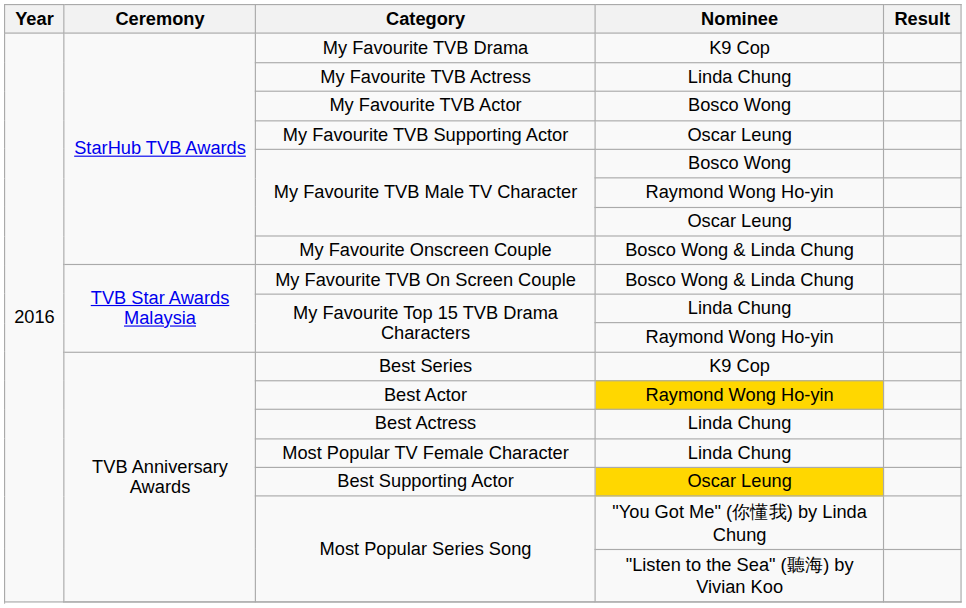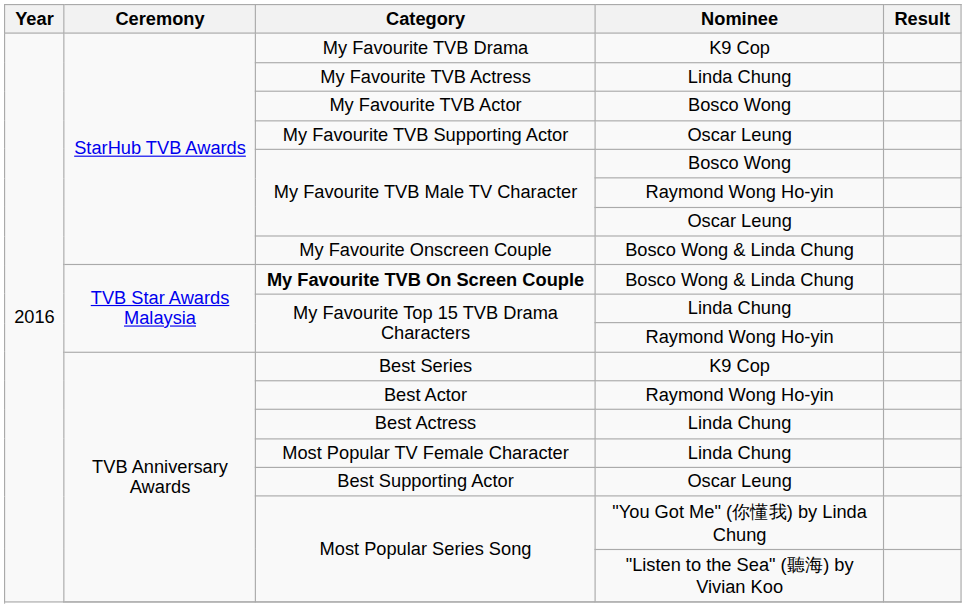 <table class="wikitable" style="width:95%;">
 <tr>
 <th style="width:45px;">Year</th>
 <th style="width:160px;">Ceremony</th>
 <th style="width:290px;">Category</th>
 <th style="width:245px;">Nominee</th>
 <th style="width:60px;">Result</th>
 </tr>
 <tr>
 <td align="center" rowspan=31>2016</td>
 <td align="center" rowspan=8><a href='#'>StarHub TVB Awards</a></td>
 <td align="center">My Favourite TVB Drama</td>
 <td align="center">K9 Cop</td>
 <td></td>
 </tr>
 <tr>
 <td align="center">My Favourite TVB Actress</td>
 <td align="center">Linda Chung</td>
 <td></td>
 </tr>
 <tr>
 <td align="center">My Favourite TVB Actor</td>
 <td align="center">Bosco Wong</td>
 <td></td>
 </tr>
 <tr>
 <td align="center">My Favourite TVB Supporting Actor</td>
 <td align="center">Oscar Leung</td>
 <td></td>
 </tr>
 <tr>
 <td rowspan=3 align="center">My Favourite TVB Male TV Character</td>
 <td align="center">Bosco Wong</td>
 <td></td>
 </tr>
 <tr>
 <td align="center">Raymond Wong Ho-yin</td>
 <td></td>
 </tr>
 <tr>
 <td align="center">Oscar Leung</td>
 <td></td>
 </tr>
 <tr>
 <td align="center">My Favourite Onscreen Couple</td>
 <td align="center">Bosco Wong & Linda Chung</td>
 <td></td>
 </tr>
 <tr>
 <td align="center" rowspan=3><a href='#'>TVB Star Awards Malaysia</a></td>
-<td align="center">My Favourite TVB On Screen Couple</td>
+<td align="center"><strong>My Favourite TVB On Screen Couple</strong></td>
 <td align="center">Bosco Wong & Linda Chung</td>
 <td></td>
 </tr>
 <tr>
 <td rowspan=2 align="center">My Favourite Top 15 TVB Drama Characters</td>
 <td align="center">Linda Chung</td>
 <td></td>
 </tr>
 <tr>
 <td align="center">Raymond Wong Ho-yin</td>
 <td></td>
 </tr>
 <tr>
 <td align="center" rowspan=7>TVB Anniversary Awards</td>
 <td align="center">Best Series</td>
 <td align="center">K9 Cop</td>
 <td></td>
 </tr>
 <tr>
 <td align="center">Best Actor</td>
-<td align="center" style="background: gold;">Raymond Wong Ho-yin</td>
+<td align="center">Raymond Wong Ho-yin</td>
 <td></td>
 </tr>
 <tr>
 <td align="center">Best Actress</td>
 <td align="center">Linda Chung</td>
 <td></td>
 </tr>
 <tr>
 <td align="center">Most Popular TV Female Character</td>
 <td align="center">Linda Chung</td>
 <td></td>
 </tr>
 <tr>
 <td align="center">Best Supporting Actor</td>
-<td align="center" style="background: gold;">Oscar Leung</td>
+<td align="center">Oscar Leung</td>
 <td></td>
 </tr>
 <tr>
 <td rowspan=2 align="center">Most Popular Series Song</td>
 <td align="center">"You Got Me" (你懂我) by Linda Chung</td>
 <td></td>
 </tr>
 <tr>
 <td align="center">"Listen to the Sea" (聽海) by Vivian Koo</td>
 <td></td>
 </tr>
 <tr>
 </tr>
 </table>
